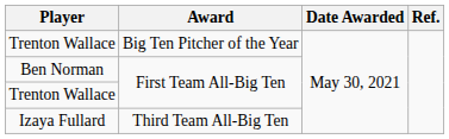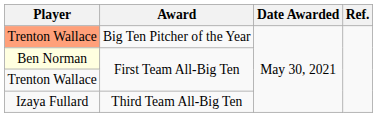 <table class="wikitable sortable sortable" style="text-align: center">
 <tr align=center>
 <th>Player</th>
 <th>Award</th>
 <th>Date Awarded</th>
 <th>Ref.</th>
 </tr>
 <tr>
-<td>Trenton Wallace</td>
+<td style="background: lightsalmon;">Trenton Wallace</td>
 <td rowspan="1">Big Ten Pitcher of the Year</td>
 <td rowspan="7">May 30, 2021</td>
 <td rowspan="7"></td>
 </tr>
 <tr>
-<td>Ben Norman</td>
+<td style="background: lightyellow;">Ben Norman</td>
 <td rowspan="2">First Team All-Big Ten</td>
 </tr>
 <tr>
 <td>Trenton Wallace</td>
 </tr>
 <tr>
 <td>Izaya Fullard</td>
 <td rowspan="1">Third Team All-Big Ten</td>
 </tr>
 </table>
